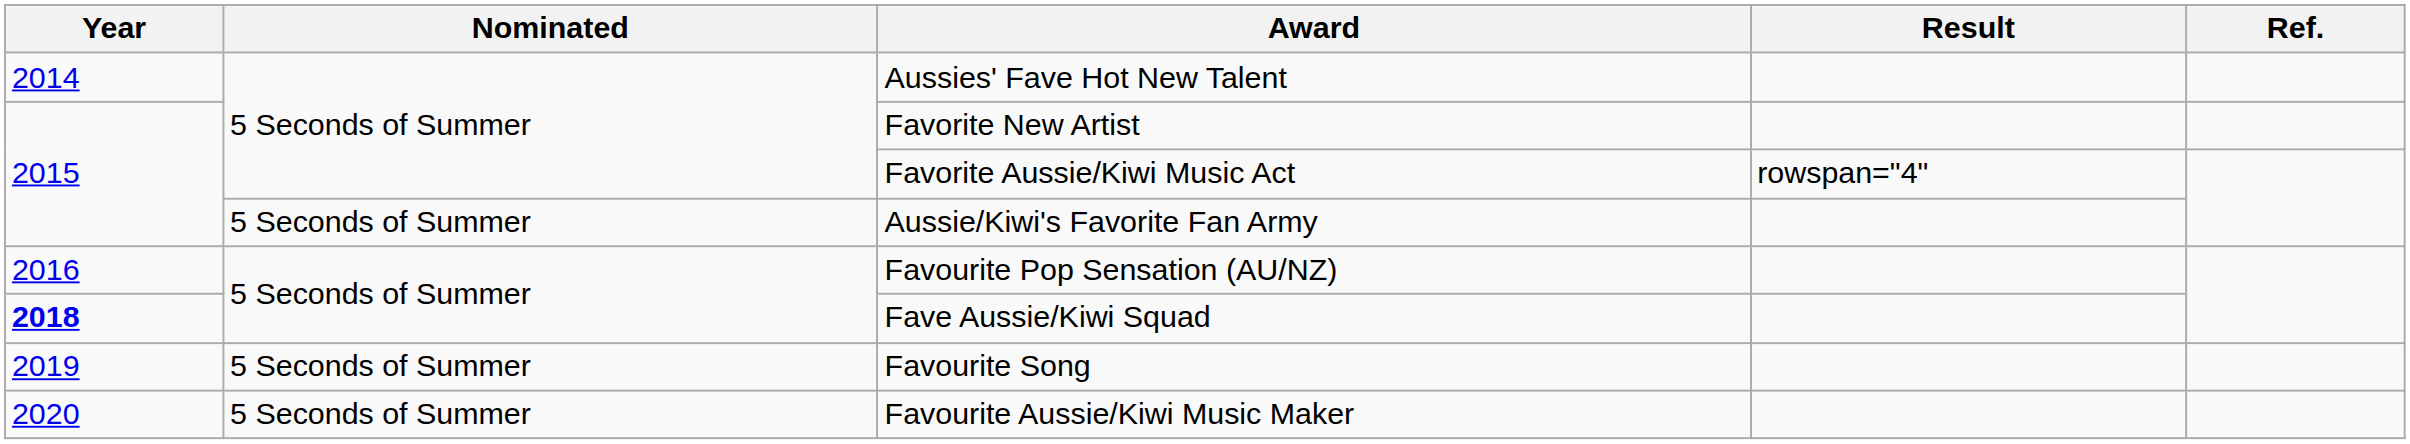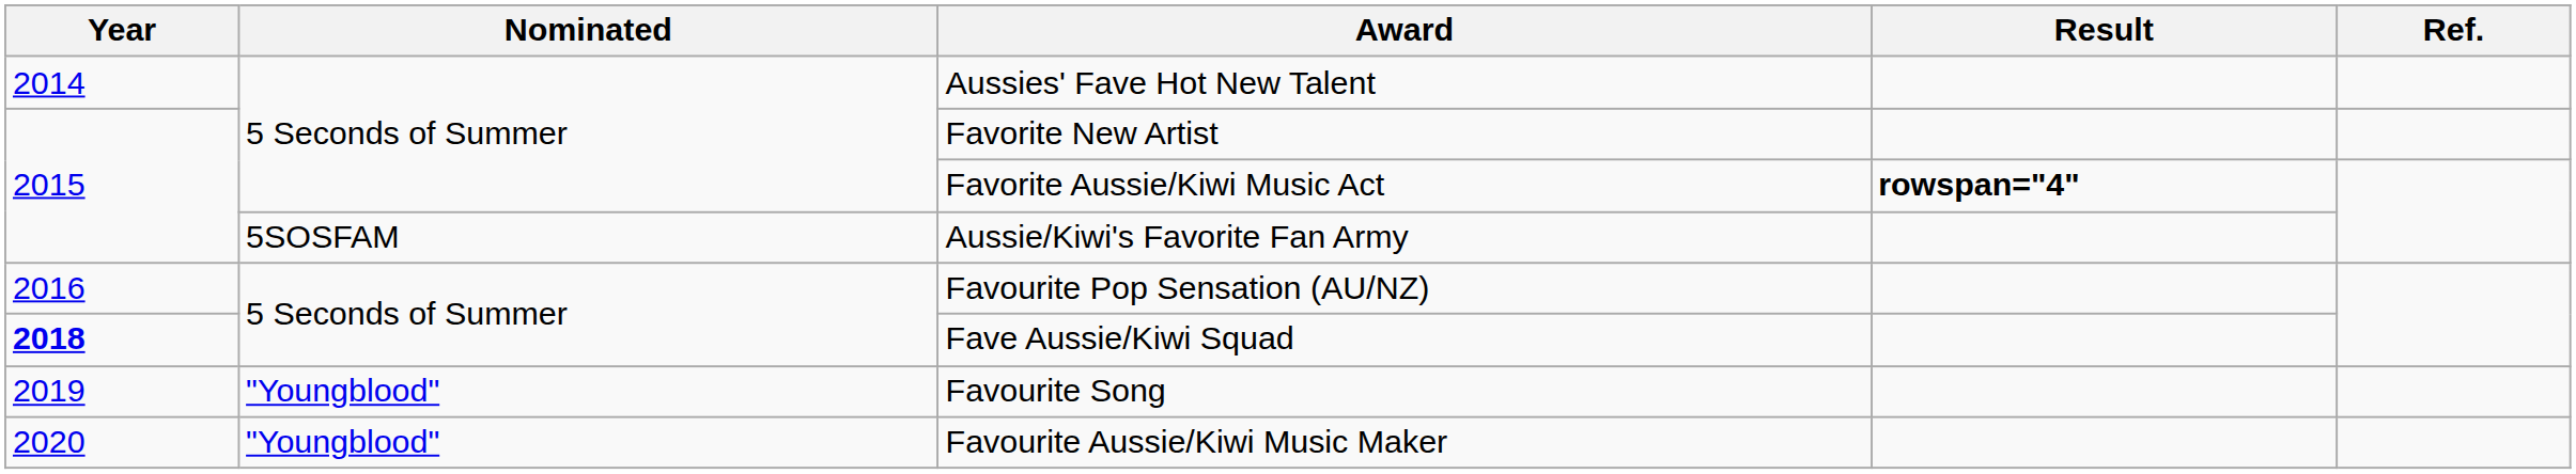 <table class="wikitable" style="width:100%;">
 <tr>
 <th width=5%>Year</th>
 <th style="width:15%;">Nominated</th>
 <th style="width:20%;">Award</th>
 <th style="width:10%;">Result</th>
 <th style="width:5%;">Ref.</th>
 </tr>
 <tr>
 <td><a href='#'>2014</a></td>
 <td rowspan="3">5 Seconds of Summer</td>
 <td>Aussies' Fave Hot New Talent</td>
 <td></td>
 <td></td>
 </tr>
 <tr>
 <td rowspan="3"><a href='#'>2015</a></td>
 <td>Favorite New Artist</td>
 <td></td>
 <td></td>
 </tr>
 <tr>
 <td>Favorite Aussie/Kiwi Music Act</td>
-<td>rowspan="4" </td>
+<td><strong>rowspan="4" </strong></td>
 <td rowspan="2"></td>
 </tr>
 <tr>
-<td>5 Seconds of Summer</td>
+<td>5SOSFAM</td>
 <td>Aussie/Kiwi's Favorite Fan Army</td>
 </tr>
 <tr>
 <td><a href='#'>2016</a></td>
 <td rowspan=2>5 Seconds of Summer</td>
 <td>Favourite Pop Sensation (AU/NZ)</td>
 <td></td>
 </tr>
 <tr>
 <td><strong><a href='#'>2018</a></strong></td>
 <td>Fave Aussie/Kiwi Squad</td>
 <td></td>
 </tr>
 <tr>
 <td><a href='#'>2019</a></td>
-<td>5 Seconds of Summer</td>
+<td><a href='#'>"Youngblood"</a></td>
 <td>Favourite Song</td>
 <td></td>
 <td></td>
 </tr>
 <tr>
 <td><a href='#'>2020</a></td>
-<td>5 Seconds of Summer</td>
+<td><a href='#'>"Youngblood"</a></td>
 <td>Favourite Aussie/Kiwi Music Maker</td>
 <td></td>
 <td></td>
 </tr>
 </table>
